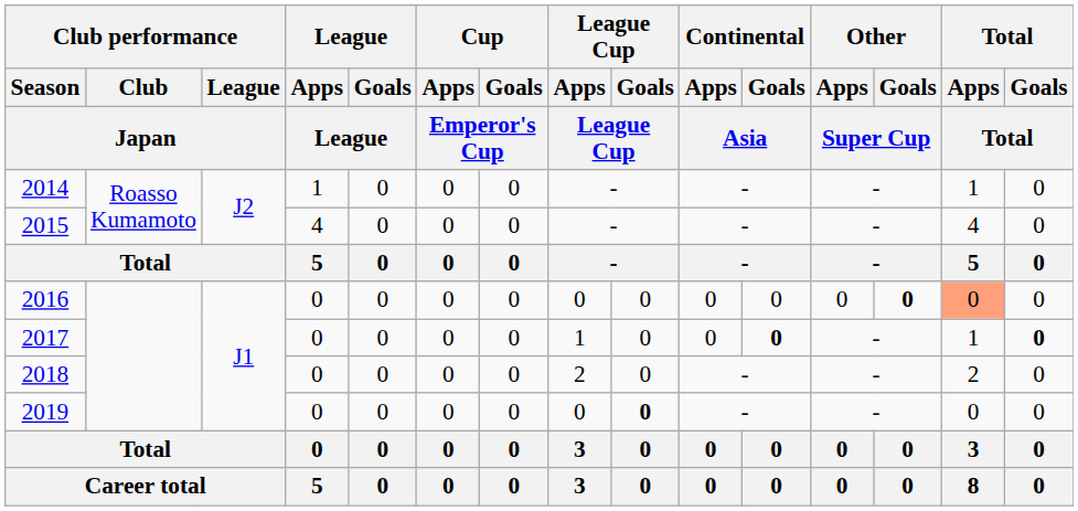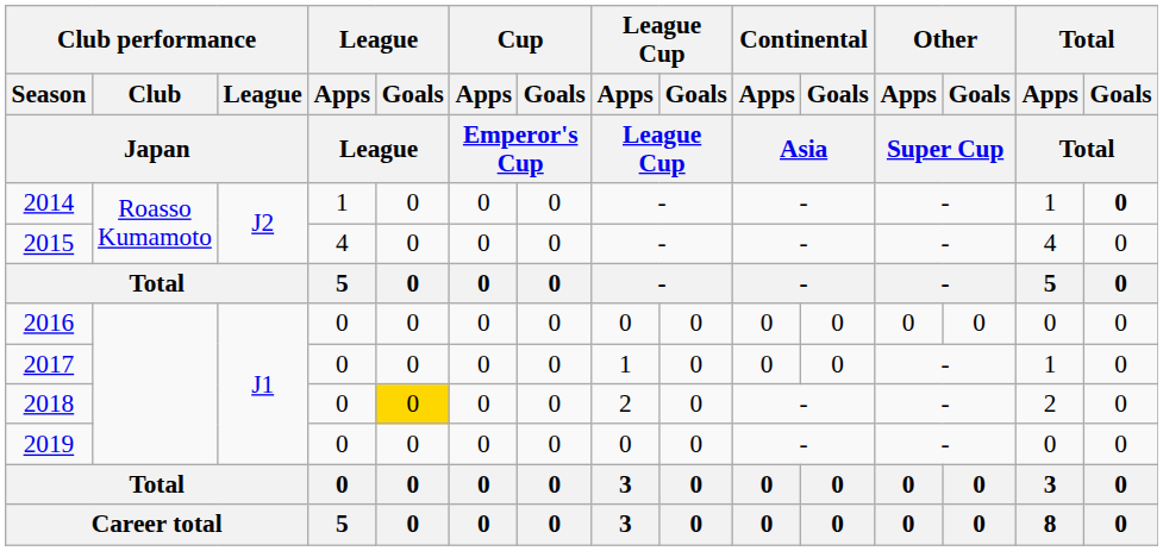 <table class="wikitable" style="text-align:center">
 <tr>
 <th colspan=3>Club performance</th>
 <th colspan=2>League</th>
 <th colspan=2>Cup</th>
 <th colspan=2>League Cup</th>
 <th colspan=2>Continental</th>
 <th colspan=2>Other</th>
 <th colspan=2>Total</th>
 </tr>
 <tr>
 <th>Season</th>
 <th>Club</th>
 <th>League</th>
 <th>Apps</th>
 <th>Goals</th>
 <th>Apps</th>
 <th>Goals</th>
 <th>Apps</th>
 <th>Goals</th>
 <th>Apps</th>
 <th>Goals</th>
 <th>Apps</th>
 <th>Goals</th>
 <th>Apps</th>
 <th>Goals</th>
 </tr>
 <tr>
 <th colspan=3>Japan</th>
 <th colspan=2>League</th>
 <th colspan=2><a href='#'>Emperor's Cup</a></th>
 <th colspan=2><a href='#'>League Cup</a></th>
 <th colspan=2><a href='#'>Asia</a></th>
 <th colspan=2><a href='#'>Super Cup</a></th>
 <th colspan=2>Total</th>
 </tr>
 <tr>
 <td><a href='#'>2014</a></td>
 <td rowspan="2"><a href='#'>Roasso Kumamoto</a></td>
 <td rowspan="2"><a href='#'>J2</a></td>
 <td>1</td>
 <td>0</td>
 <td>0</td>
 <td>0</td>
 <td colspan="2">-</td>
 <td colspan="2">-</td>
 <td colspan="2">-</td>
 <td>1</td>
-<td>0</td>
+<td><strong>0</strong></td>
 </tr>
 <tr>
 <td><a href='#'>2015</a></td>
 <td>4</td>
 <td>0</td>
 <td>0</td>
 <td>0</td>
 <td colspan="2">-</td>
 <td colspan="2">-</td>
 <td colspan="2">-</td>
 <td>4</td>
 <td>0</td>
 </tr>
 <tr>
 <th colspan=3>Total</th>
 <th>5</th>
 <th>0</th>
 <th>0</th>
 <th>0</th>
 <th colspan="2">-</th>
 <th colspan="2">-</th>
 <th colspan="2">-</th>
 <th>5</th>
 <th>0</th>
 </tr>
 <tr>
 <td><a href='#'>2016</a></td>
 <td rowspan="4"></td>
 <td rowspan="4"><a href='#'>J1</a></td>
 <td>0</td>
 <td>0</td>
 <td>0</td>
 <td>0</td>
 <td>0</td>
 <td>0</td>
 <td>0</td>
 <td>0</td>
 <td>0</td>
-<td><strong>0</strong></td>
-<td style="background: lightsalmon;">0</td>
+<td>0</td>
+<td>0</td>
 <td>0</td>
 </tr>
 <tr>
 <td><a href='#'>2017</a></td>
 <td>0</td>
 <td>0</td>
 <td>0</td>
 <td>0</td>
 <td>1</td>
 <td>0</td>
 <td>0</td>
-<td><strong>0</strong></td>
+<td>0</td>
 <td colspan="2">-</td>
 <td>1</td>
-<td><strong>0</strong></td>
+<td>0</td>
 </tr>
 <tr>
 <td><a href='#'>2018</a></td>
 <td>0</td>
-<td>0</td>
+<td style="background: gold;">0</td>
 <td>0</td>
 <td>0</td>
 <td>2</td>
 <td>0</td>
 <td colspan="2">-</td>
 <td colspan="2">-</td>
 <td>2</td>
 <td>0</td>
 </tr>
 <tr>
 <td><a href='#'>2019</a></td>
 <td>0</td>
 <td>0</td>
 <td>0</td>
 <td>0</td>
 <td>0</td>
-<td><strong>0</strong></td>
+<td>0</td>
 <td colspan="2">-</td>
 <td colspan="2">-</td>
 <td>0</td>
 <td>0</td>
 </tr>
 <tr>
 <th colspan=3>Total</th>
 <th>0</th>
 <th>0</th>
 <th>0</th>
 <th>0</th>
 <th>3</th>
 <th>0</th>
 <th>0</th>
 <th>0</th>
 <th>0</th>
 <th>0</th>
 <th>3</th>
 <th>0</th>
 </tr>
 <tr>
 <th colspan=3>Career total</th>
 <th>5</th>
 <th>0</th>
 <th>0</th>
 <th>0</th>
 <th>3</th>
 <th>0</th>
 <th>0</th>
 <th>0</th>
 <th>0</th>
 <th>0</th>
 <th>8</th>
 <th>0</th>
 </tr>
 </table>
